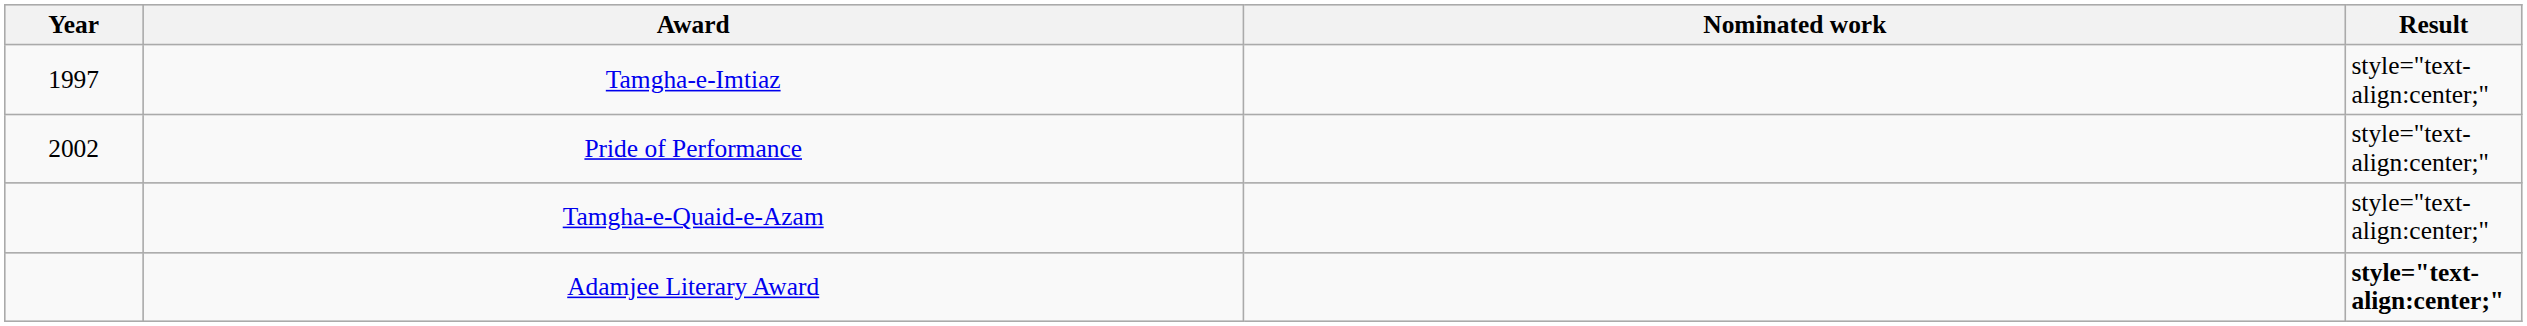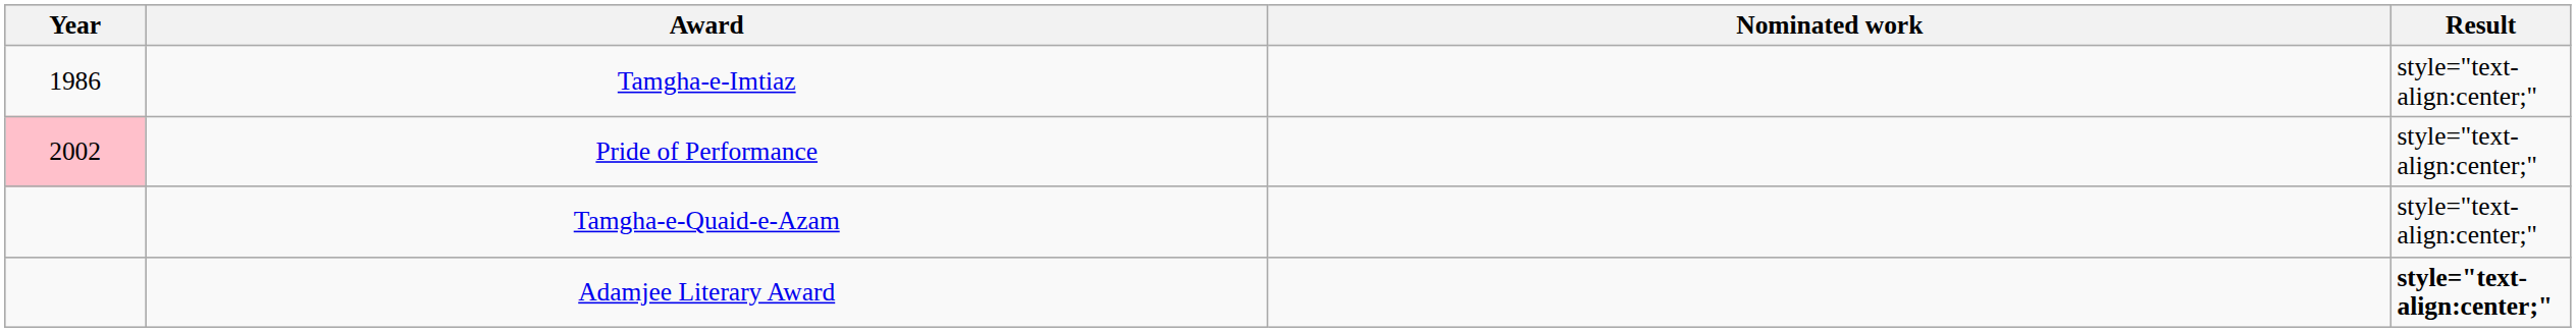 <table class="wikitable sortable" width=100%>
 <tr>
 <th width=5%>Year</th>
 <th style="width:40%;">Award</th>
 <th style="width:40%;">Nominated work</th>
 <th width=5%>Result</th>
 </tr>
 <tr>
-<td style="text-align:center;">1997</td>
+<td style="text-align:center;">1986</td>
 <td style="text-align:center;"><a href='#'>Tamgha-e-Imtiaz</a></td>
 <td></td>
 <td>style="text-align:center;"</td>
 </tr>
 <tr>
-<td style="text-align:center;">2002</td>
+<td style="background: pink; text-align:center;">2002</td>
 <td style="text-align:center;"><a href='#'>Pride of Performance</a></td>
 <td></td>
 <td>style="text-align:center;"</td>
 </tr>
 <tr>
 <td></td>
 <td style="text-align:center;"><a href='#'>Tamgha-e-Quaid-e-Azam</a></td>
 <td></td>
 <td>style="text-align:center;"</td>
 </tr>
 <tr>
 <td></td>
 <td style="text-align:center;"><a href='#'>Adamjee Literary Award</a></td>
 <td></td>
 <td><strong>style="text-align:center;"</strong></td>
 </tr>
 </table>
